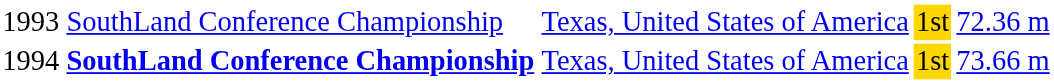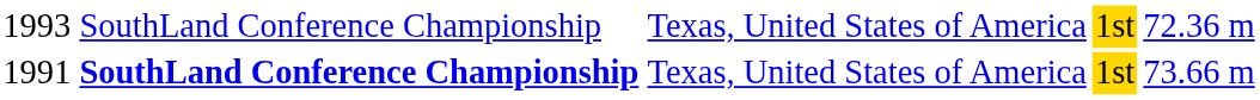 <table>
 <tr>
 <td>1993</td>
 <td><a href='#'>SouthLand Conference Championship</a></td>
 <td><a href='#'>Texas, United States of America</a></td>
 <td style="background:gold; text-align:center;">1st</td>
 <td><a href='#'>72.36 m</a></td>
 </tr>
 <tr>
-<td>1994</td>
+<td>1991</td>
 <td><strong><a href='#'>SouthLand Conference Championship</a></strong></td>
 <td><a href='#'>Texas, United States of America</a></td>
 <td style="background:gold; text-align:center;">1st</td>
 <td><a href='#'>73.66 m</a></td>
 </tr>
 </table>
